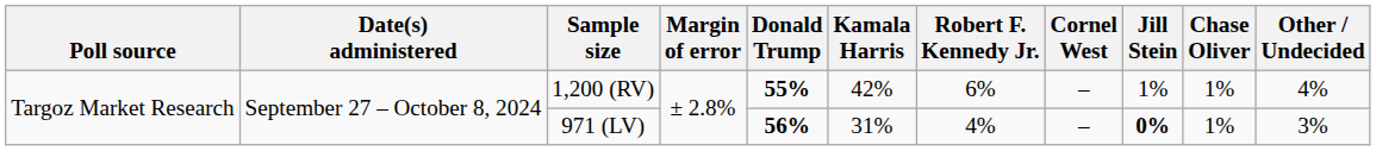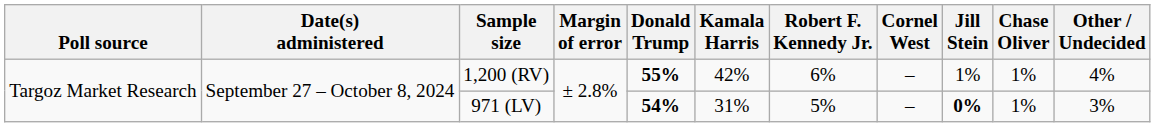 <table class="wikitable sortable mw-datatable" style="font-size:90%;text-align:center;line-height:17px">
 <tr valign=bottom>
 <th>Poll source</th>
 <th>Date(s)<br>administered</th>
 <th>Sample<br>size</th>
 <th>Margin<br>of error</th>
 <th class="unsortable">Donald<br>Trump<br></th>
 <th class="unsortable">Kamala<br>Harris<br></th>
 <th class="unsortable">Robert F.<br>Kennedy Jr.<br></th>
 <th class="unsortable">Cornel<br>West<br></th>
 <th class="unsortable">Jill<br>Stein<br></th>
 <th class="unsortable">Chase<br>Oliver<br></th>
 <th class="unsortable">Other /<br>Undecided</th>
 </tr>
 <tr>
 <td style="text-align:left;" rowspan="2">Targoz Market Research</td>
 <td rowspan="2">September 27 – October 8, 2024</td>
 <td>1,200 (RV)</td>
 <td rowspan="2">± 2.8%</td>
 <td style="background-color:"><strong>55%</strong></td>
 <td>42%</td>
 <td>6%</td>
 <td>–</td>
 <td>1%</td>
 <td>1%</td>
 <td>4%</td>
 </tr>
 <tr>
 <td>971 (LV)</td>
-<td style="background-color:"><strong>56%</strong></td>
+<td style="background-color:"><strong>54%</strong></td>
 <td>31%</td>
-<td>4%</td>
+<td>5%</td>
 <td>–</td>
 <td><strong>0%</strong></td>
 <td>1%</td>
 <td>3%</td>
 </tr>
 </table>
